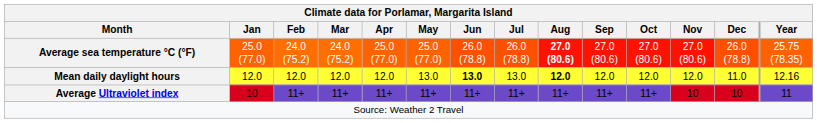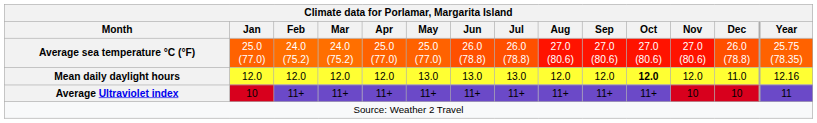 <table style="width:100%;text-align:center;line-height:1.2em;margin-left:auto;margin-right:auto" class="wikitable mw-collapsible">
 <tr>
 <th Colspan=14>Climate data for Porlamar, Margarita Island</th>
 </tr>
 <tr>
 <th>Month</th>
 <th>Jan</th>
 <th>Feb</th>
 <th>Mar</th>
 <th>Apr</th>
 <th>May</th>
 <th>Jun</th>
 <th>Jul</th>
 <th>Aug</th>
 <th>Sep</th>
 <th>Oct</th>
 <th>Nov</th>
 <th>Dec</th>
 <th style="border-left-width:medium">Year</th>
 </tr>
 <tr>
 <th>Average sea temperature °C (°F)</th>
 <td style="background:#FF6200;color:#FFFFFF;">25.0<br>(77.0)</td>
 <td style="background:#FF6F00;color:#FFFFFF;">24.0<br>(75.2)</td>
 <td style="background:#FF6F00;color:#FFFFFF;">24.0<br>(75.2)</td>
 <td style="background:#FF6200;color:#FFFFFF;">25.0<br>(77.0)</td>
 <td style="background:#FF6200;color:#FFFFFF;">25.0<br>(77.0)</td>
 <td style="background:#FF5000;color:#FFFFFF;">26.0<br>(78.8)</td>
 <td style="background:#FF5000;color:#FFFFFF;">26.0<br>(78.8)</td>
-<td style="background:#FF1300;color:#FFFFFF;"><strong>27.0<br>(80.6)</strong></td>
+<td style="background:#FF1300;color:#FFFFFF;">27.0<br>(80.6)</td>
 <td style="background:#FF1300;color:#FFFFFF;">27.0<br>(80.6)</td>
 <td style="background:#FF1300;color:#FFFFFF;">27.0<br>(80.6)</td>
 <td style="background:#FF1300;color:#FFFFFF;">27.0<br>(80.6)</td>
 <td style="background:#FF5000;color:#FFFFFF;">26.0<br>(78.8)</td>
 <td style="background:#FF6200;color:#FFFFFF;border-left-width:medium">25.75<br>(78.35)</td>
 </tr>
 <tr>
 <th>Mean daily daylight hours</th>
 <td style="background:#FFFF33;color:#000000;">12.0</td>
 <td style="background:#FFFF33;color:#000000;">12.0</td>
 <td style="background:#FFFF33;color:#000000;">12.0</td>
 <td style="background:#FFFF33;color:#000000;">12.0</td>
 <td style="background:#FFFF33;color:#000000;">13.0</td>
-<td style="background:#FFFF33;color:#000000;"><strong>13.0</strong></td>
 <td style="background:#FFFF33;color:#000000;">13.0</td>
-<td style="background:#FFFF33;color:#000000;"><strong>12.0</strong></td>
+<td style="background:#FFFF33;color:#000000;">13.0</td>
 <td style="background:#FFFF33;color:#000000;">12.0</td>
 <td style="background:#FFFF33;color:#000000;">12.0</td>
+<td style="background:#FFFF33;color:#000000;"><strong>12.0</strong></td>
 <td style="background:#FFFF33;color:#000000;">12.0</td>
 <td style="background:#FFFF33;color:#000000;">11.0</td>
 <td style="background:#FFFF33;color:#000000;border-left-width:medium">12.16</td>
 </tr>
 <tr>
 <th>Average <a href='#'>Ultraviolet index</a></th>
 <td style="background:#d8001d;color:#000000;">10</td>
 <td style="background:#6b49c8;color:#000000;">11+</td>
 <td style="background:#6b49c8;color:#000000;">11+</td>
 <td style="background:#6b49c8;color:#000000;">11+</td>
 <td style="background:#6b49c8;color:#000000;">11+</td>
 <td style="background:#6b49c8;color:#000000;">11+</td>
 <td style="background:#6b49c8;color:#000000;">11+</td>
 <td style="background:#6b49c8;color:#000000;">11+</td>
 <td style="background:#6b49c8;color:#000000;">11+</td>
 <td style="background:#6b49c8;color:#000000;">11+</td>
 <td style="background:#d8001d;color:#000000;">10</td>
 <td style="background:#d8001d;color:#000000;">10</td>
 <td style="background:#6b49c8;color:#000000;border-left-width:medium">11</td>
 </tr>
 <tr>
 <th Colspan=14 style="background:#f8f9fa;font-weight:normal;font-size:95%;">Source: Weather 2 Travel</th>
 </tr>
 </table>
